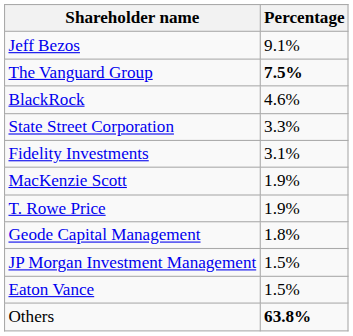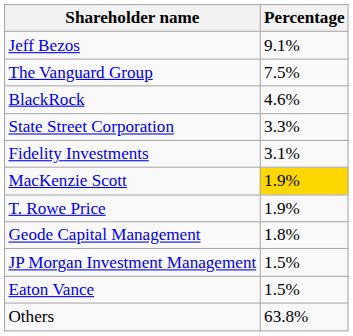 <table class="wikitable sortable">
 <tr>
 <th>Shareholder name</th>
 <th>Percentage</th>
 </tr>
 <tr>
 <td><a href='#'>Jeff Bezos</a></td>
 <td>9.1%</td>
 </tr>
 <tr>
 <td><a href='#'>The Vanguard Group</a></td>
-<td><strong>7.5%</strong></td>
+<td>7.5%</td>
 </tr>
 <tr>
 <td><a href='#'>BlackRock</a></td>
 <td>4.6%</td>
 </tr>
 <tr>
 <td><a href='#'>State Street Corporation</a></td>
 <td>3.3%</td>
 </tr>
 <tr>
 <td><a href='#'>Fidelity Investments</a></td>
 <td>3.1%</td>
 </tr>
 <tr>
 <td><a href='#'>MacKenzie Scott</a></td>
-<td>1.9%</td>
+<td style="background: gold;">1.9%</td>
 </tr>
 <tr>
 <td><a href='#'>T. Rowe Price</a></td>
 <td>1.9%</td>
 </tr>
 <tr>
 <td><a href='#'>Geode Capital Management</a></td>
 <td>1.8%</td>
 </tr>
 <tr>
 <td><a href='#'>JP Morgan Investment Management</a></td>
 <td>1.5%</td>
 </tr>
 <tr>
 <td><a href='#'>Eaton Vance</a></td>
 <td>1.5%</td>
 </tr>
 <tr>
 <td>Others</td>
-<td><strong>63.8%</strong></td>
+<td>63.8%</td>
 </tr>
 </table>
